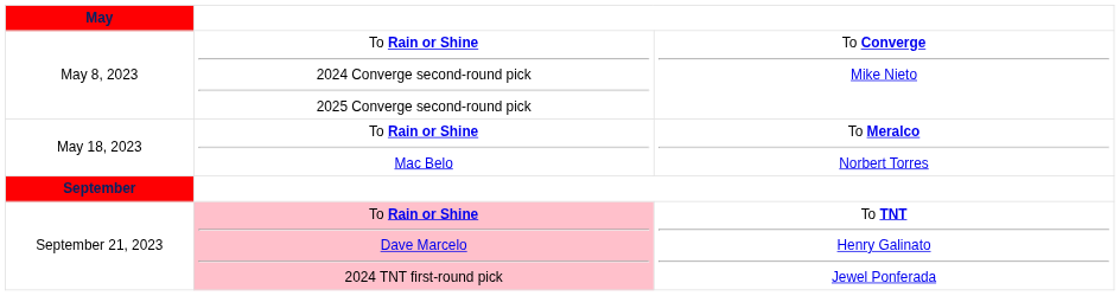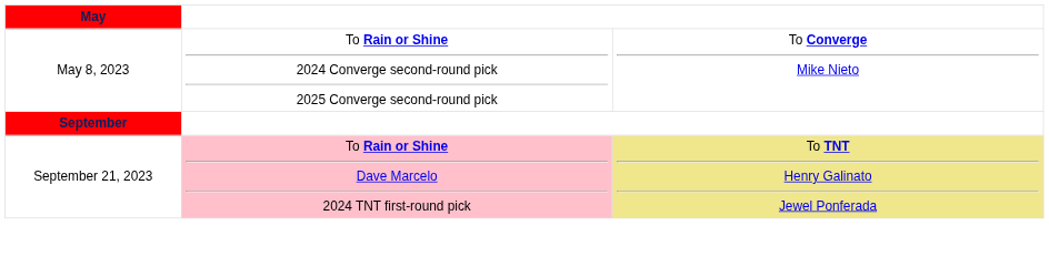 <table border=1 style="border-collapse:collapse; text-align: center; width: 100%" bordercolor="#DFDFDF"  cellpadding="5">
 <tr bgcolor="eeeeee">
 <th style="background:#FE0003; color:#002366; ">May</th>
 </tr>
 <tr>
 <td style="width:12%">May 8, 2023</td>
 <td style="width:29.3%" valign="top">To <strong><a href='#'>Rain or Shine</a></strong><hr>2024 Converge second-round pick<hr>2025 Converge second-round pick</td>
 <td style="width:29.3%" valign="top">To <strong><a href='#'>Converge</a></strong><hr><a href='#'>Mike Nieto</a></td>
 </tr>
 <tr>
-<td style="width:12%">May 18, 2023</td>
-<td style="width:29.3%" valign="top">To <strong><a href='#'>Rain or Shine</a></strong><hr><a href='#'>Mac Belo</a></td>
-<td style="width:29.3%" valign="top">To <strong><a href='#'>Meralco</a></strong><hr><a href='#'>Norbert Torres</a></td>
-</tr>
-<tr>
 <th style="background:#FE0003; color:#002366; ">September</th>
 </tr>
 <tr>
 <td style="width:12%">September 21, 2023</td>
 <td style="background: pink; width:29.3%" valign="top">To <strong><a href='#'>Rain or Shine</a></strong><hr><a href='#'>Dave Marcelo</a><hr>2024 TNT first-round pick</td>
-<td style="width:29.3%" valign="top">To <strong><a href='#'>TNT</a></strong><hr><a href='#'>Henry Galinato</a><hr><a href='#'>Jewel Ponferada</a></td>
+<td style="background: khaki; width:29.3%" valign="top">To <strong><a href='#'>TNT</a></strong><hr><a href='#'>Henry Galinato</a><hr><a href='#'>Jewel Ponferada</a></td>
 </tr>
 </table>
